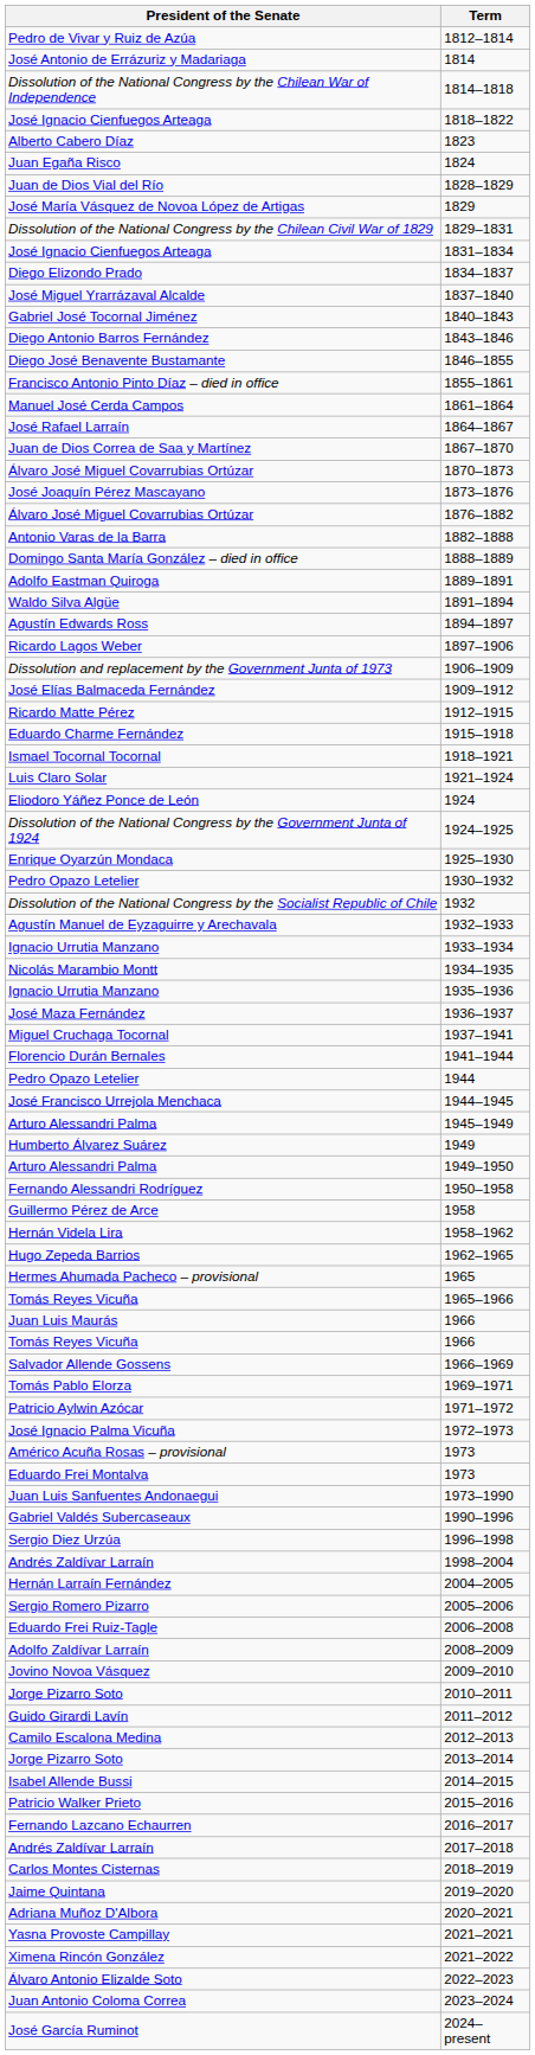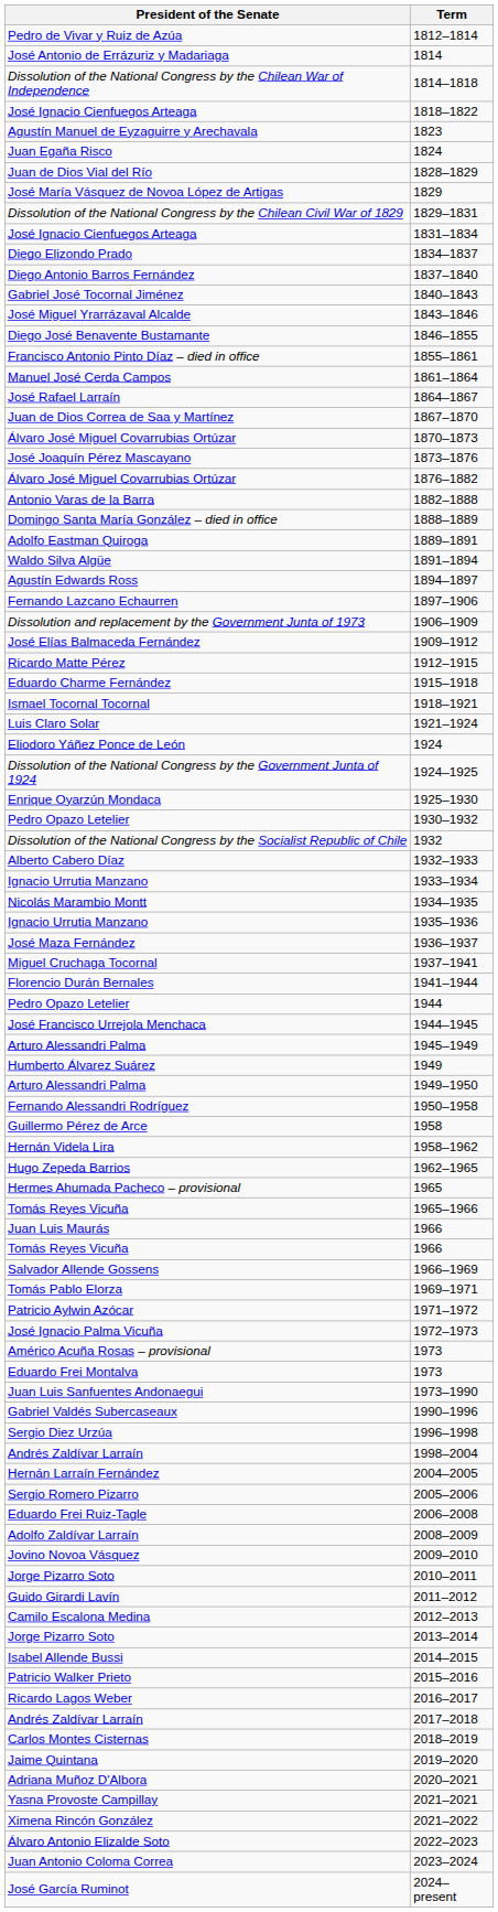 <table class="wikitable">
 <tr>
 <th>President of the Senate</th>
 <th>Term</th>
 </tr>
 <tr>
 <td><a href='#'>Pedro de Vivar y Ruiz de Azúa</a></td>
 <td>1812–1814</td>
 </tr>
 <tr>
 <td><a href='#'>José Antonio de Errázuriz y Madariaga</a></td>
 <td>1814</td>
 </tr>
 <tr>
 <td><em>Dissolution of the National Congress by the <a href='#'>Chilean War of Independence</a></em></td>
 <td>1814–1818</td>
 </tr>
 <tr>
 <td><a href='#'>José Ignacio Cienfuegos Arteaga</a></td>
 <td>1818–1822</td>
 </tr>
 <tr>
-<td><a href='#'>Alberto Cabero Díaz</a></td>
+<td><a href='#'>Agustín Manuel de Eyzaguirre y Arechavala</a></td>
 <td>1823</td>
 </tr>
 <tr>
 <td><a href='#'>Juan Egaña Risco</a></td>
 <td>1824</td>
 </tr>
 <tr>
 <td><a href='#'>Juan de Dios Vial del Río</a></td>
 <td>1828–1829</td>
 </tr>
 <tr>
 <td><a href='#'>José María Vásquez de Novoa López de Artigas</a></td>
 <td>1829</td>
 </tr>
 <tr>
 <td><em>Dissolution of the National Congress by the <a href='#'>Chilean Civil War of 1829</a></em></td>
 <td>1829–1831</td>
 </tr>
 <tr>
 <td><a href='#'>José Ignacio Cienfuegos Arteaga</a></td>
 <td>1831–1834</td>
 </tr>
 <tr>
 <td><a href='#'>Diego Elizondo Prado</a></td>
 <td>1834–1837</td>
 </tr>
 <tr>
-<td><a href='#'>José Miguel Yrarrázaval Alcalde</a></td>
+<td><a href='#'>Diego Antonio Barros Fernández</a></td>
 <td>1837–1840</td>
 </tr>
 <tr>
 <td><a href='#'>Gabriel José Tocornal Jiménez</a></td>
 <td>1840–1843</td>
 </tr>
 <tr>
-<td><a href='#'>Diego Antonio Barros Fernández</a></td>
+<td><a href='#'>José Miguel Yrarrázaval Alcalde</a></td>
 <td>1843–1846</td>
 </tr>
 <tr>
 <td><a href='#'>Diego José Benavente Bustamante</a></td>
 <td>1846–1855</td>
 </tr>
 <tr>
 <td><a href='#'>Francisco Antonio Pinto Díaz</a> – <em>died in office</em></td>
 <td>1855–1861</td>
 </tr>
 <tr>
 <td><a href='#'>Manuel José Cerda Campos</a></td>
 <td>1861–1864</td>
 </tr>
 <tr>
 <td><a href='#'>José Rafael Larraín</a></td>
 <td>1864–1867</td>
 </tr>
 <tr>
 <td><a href='#'>Juan de Dios Correa de Saa y Martínez</a></td>
 <td>1867–1870</td>
 </tr>
 <tr>
 <td><a href='#'>Álvaro José Miguel Covarrubias Ortúzar</a></td>
 <td>1870–1873</td>
 </tr>
 <tr>
 <td><a href='#'>José Joaquín Pérez Mascayano</a></td>
 <td>1873–1876</td>
 </tr>
 <tr>
 <td><a href='#'>Álvaro José Miguel Covarrubias Ortúzar</a></td>
 <td>1876–1882</td>
 </tr>
 <tr>
 <td><a href='#'>Antonio Varas de la Barra</a></td>
 <td>1882–1888</td>
 </tr>
 <tr>
 <td><a href='#'>Domingo Santa María González</a> – <em>died in office</em></td>
 <td>1888–1889</td>
 </tr>
 <tr>
 <td><a href='#'>Adolfo Eastman Quiroga</a></td>
 <td>1889–1891</td>
 </tr>
 <tr>
 <td><a href='#'>Waldo Silva Algüe</a></td>
 <td>1891–1894</td>
 </tr>
 <tr>
 <td><a href='#'>Agustín Edwards Ross</a></td>
 <td>1894–1897</td>
 </tr>
 <tr>
-<td><a href='#'>Ricardo Lagos Weber</a></td>
+<td><a href='#'>Fernando Lazcano Echaurren</a></td>
 <td>1897–1906</td>
 </tr>
 <tr>
 <td><em>Dissolution and replacement by the <a href='#'>Government Junta of 1973</a></em></td>
 <td>1906–1909</td>
 </tr>
 <tr>
 <td><a href='#'>José Elías Balmaceda Fernández</a></td>
 <td>1909–1912</td>
 </tr>
 <tr>
 <td><a href='#'>Ricardo Matte Pérez</a></td>
 <td>1912–1915</td>
 </tr>
 <tr>
 <td><a href='#'>Eduardo Charme Fernández</a></td>
 <td>1915–1918</td>
 </tr>
 <tr>
 <td><a href='#'>Ismael Tocornal Tocornal</a></td>
 <td>1918–1921</td>
 </tr>
 <tr>
 <td><a href='#'>Luis Claro Solar</a></td>
 <td>1921–1924</td>
 </tr>
 <tr>
 <td><a href='#'>Eliodoro Yáñez Ponce de León</a></td>
 <td>1924</td>
 </tr>
 <tr>
 <td><em>Dissolution of the National Congress by the <a href='#'>Government Junta of 1924</a></em></td>
 <td>1924–1925</td>
 </tr>
 <tr>
 <td><a href='#'>Enrique Oyarzún Mondaca</a></td>
 <td>1925–1930</td>
 </tr>
 <tr>
 <td><a href='#'>Pedro Opazo Letelier</a></td>
 <td>1930–1932</td>
 </tr>
 <tr>
 <td><em>Dissolution of the National Congress by the <a href='#'>Socialist Republic of Chile</a></em></td>
 <td>1932</td>
 </tr>
 <tr>
-<td><a href='#'>Agustín Manuel de Eyzaguirre y Arechavala</a></td>
+<td><a href='#'>Alberto Cabero Díaz</a></td>
 <td>1932–1933</td>
 </tr>
 <tr>
 <td><a href='#'>Ignacio Urrutia Manzano</a></td>
 <td>1933–1934</td>
 </tr>
 <tr>
 <td><a href='#'>Nicolás Marambio Montt</a></td>
 <td>1934–1935</td>
 </tr>
 <tr>
 <td><a href='#'>Ignacio Urrutia Manzano</a></td>
 <td>1935–1936</td>
 </tr>
 <tr>
 <td><a href='#'>José Maza Fernández</a></td>
 <td>1936–1937</td>
 </tr>
 <tr>
 <td><a href='#'>Miguel Cruchaga Tocornal</a></td>
 <td>1937–1941</td>
 </tr>
 <tr>
 <td><a href='#'>Florencio Durán Bernales</a></td>
 <td>1941–1944</td>
 </tr>
 <tr>
 <td><a href='#'>Pedro Opazo Letelier</a></td>
 <td>1944</td>
 </tr>
 <tr>
 <td><a href='#'>José Francisco Urrejola Menchaca</a></td>
 <td>1944–1945</td>
 </tr>
 <tr>
 <td><a href='#'>Arturo Alessandri Palma</a></td>
 <td>1945–1949</td>
 </tr>
 <tr>
 <td><a href='#'>Humberto Álvarez Suárez</a></td>
 <td>1949</td>
 </tr>
 <tr>
 <td><a href='#'>Arturo Alessandri Palma</a></td>
 <td>1949–1950</td>
 </tr>
 <tr>
 <td><a href='#'>Fernando Alessandri Rodríguez</a></td>
 <td>1950–1958</td>
 </tr>
 <tr>
 <td><a href='#'>Guillermo Pérez de Arce</a></td>
 <td>1958</td>
 </tr>
 <tr>
 <td><a href='#'>Hernán Videla Lira</a></td>
 <td>1958–1962</td>
 </tr>
 <tr>
 <td><a href='#'>Hugo Zepeda Barrios</a></td>
 <td>1962–1965</td>
 </tr>
 <tr>
 <td><a href='#'>Hermes Ahumada Pacheco</a> – <em>provisional</em></td>
 <td>1965</td>
 </tr>
 <tr>
 <td><a href='#'>Tomás Reyes Vicuña</a></td>
 <td>1965–1966</td>
 </tr>
 <tr>
 <td><a href='#'>Juan Luis Maurás</a></td>
 <td>1966</td>
 </tr>
 <tr>
 <td><a href='#'>Tomás Reyes Vicuña</a></td>
 <td>1966</td>
 </tr>
 <tr>
 <td><a href='#'>Salvador Allende Gossens</a></td>
 <td>1966–1969</td>
 </tr>
 <tr>
 <td><a href='#'>Tomás Pablo Elorza</a></td>
 <td>1969–1971</td>
 </tr>
 <tr>
 <td><a href='#'>Patricio Aylwin Azócar</a></td>
 <td>1971–1972</td>
 </tr>
 <tr>
 <td><a href='#'>José Ignacio Palma Vicuña</a></td>
 <td>1972–1973</td>
 </tr>
 <tr>
 <td><a href='#'>Américo Acuña Rosas</a> – <em>provisional</em></td>
 <td>1973</td>
 </tr>
 <tr>
 <td><a href='#'>Eduardo Frei Montalva</a></td>
 <td>1973</td>
 </tr>
 <tr>
 <td><a href='#'>Juan Luis Sanfuentes Andonaegui</a></td>
 <td>1973–1990</td>
 </tr>
 <tr>
 <td><a href='#'>Gabriel Valdés Subercaseaux</a></td>
 <td>1990–1996</td>
 </tr>
 <tr>
 <td><a href='#'>Sergio Diez Urzúa</a></td>
 <td>1996–1998</td>
 </tr>
 <tr>
 <td><a href='#'>Andrés Zaldívar Larraín</a></td>
 <td>1998–2004</td>
 </tr>
 <tr>
 <td><a href='#'>Hernán Larraín Fernández</a></td>
 <td>2004–2005</td>
 </tr>
 <tr>
 <td><a href='#'>Sergio Romero Pizarro</a></td>
 <td>2005–2006</td>
 </tr>
 <tr>
 <td><a href='#'>Eduardo Frei Ruiz-Tagle</a></td>
 <td>2006–2008</td>
 </tr>
 <tr>
 <td><a href='#'>Adolfo Zaldívar Larraín</a></td>
 <td>2008–2009</td>
 </tr>
 <tr>
 <td><a href='#'>Jovino Novoa Vásquez</a></td>
 <td>2009–2010</td>
 </tr>
 <tr>
 <td><a href='#'>Jorge Pizarro Soto</a></td>
 <td>2010–2011</td>
 </tr>
 <tr>
 <td><a href='#'>Guido Girardi Lavín</a></td>
 <td>2011–2012</td>
 </tr>
 <tr>
 <td><a href='#'>Camilo Escalona Medina</a></td>
 <td>2012–2013</td>
 </tr>
 <tr>
 <td><a href='#'>Jorge Pizarro Soto</a></td>
 <td>2013–2014</td>
 </tr>
 <tr>
 <td><a href='#'>Isabel Allende Bussi</a></td>
 <td>2014–2015</td>
 </tr>
 <tr>
 <td><a href='#'>Patricio Walker Prieto</a></td>
 <td>2015–2016</td>
 </tr>
 <tr>
-<td><a href='#'>Fernando Lazcano Echaurren</a></td>
+<td><a href='#'>Ricardo Lagos Weber</a></td>
 <td>2016–2017</td>
 </tr>
 <tr>
 <td><a href='#'>Andrés Zaldívar Larraín</a></td>
 <td>2017–2018</td>
 </tr>
 <tr>
 <td><a href='#'>Carlos Montes Cisternas</a></td>
 <td>2018–2019</td>
 </tr>
 <tr>
 <td><a href='#'>Jaime Quintana</a></td>
 <td>2019–2020</td>
 </tr>
 <tr>
 <td><a href='#'>Adriana Muñoz D'Albora</a></td>
 <td>2020–2021</td>
 </tr>
 <tr>
 <td><a href='#'>Yasna Provoste Campillay</a></td>
 <td>2021–2021</td>
 </tr>
 <tr>
 <td><a href='#'>Ximena Rincón González</a></td>
 <td>2021–2022</td>
 </tr>
 <tr>
 <td><a href='#'>Álvaro Antonio Elizalde Soto</a></td>
 <td>2022–2023</td>
 </tr>
 <tr>
 <td><a href='#'>Juan Antonio Coloma Correa</a></td>
 <td>2023–2024</td>
 </tr>
 <tr>
 <td><a href='#'>José García Ruminot</a></td>
 <td>2024–present</td>
 </tr>
 </table>
